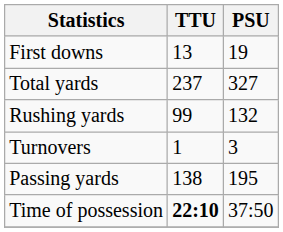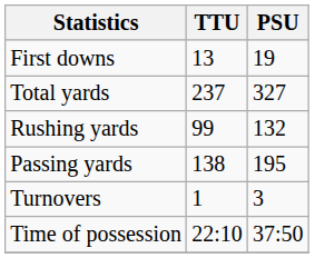 <table class="wikitable" style="float: left;">
 <tr>
 <th>Statistics</th>
 <th>TTU</th>
 <th>PSU</th>
 </tr>
 <tr>
 <td>First downs</td>
 <td>13</td>
 <td>19</td>
 </tr>
 <tr>
 <td>Total yards</td>
 <td>237</td>
 <td>327</td>
 </tr>
 <tr>
 <td>Rushing yards</td>
 <td>99</td>
 <td>132</td>
 </tr>
 <tr>
+<td>Passing yards</td>
+<td>138</td>
+<td>195</td>
+</tr>
+<tr>
 <td>Turnovers</td>
 <td>1</td>
 <td>3</td>
 </tr>
 <tr>
-<td>Passing yards</td>
-<td>138</td>
-<td>195</td>
-</tr>
-<tr>
 <td>Time of possession</td>
-<td><strong>22:10</strong></td>
+<td>22:10</td>
 <td>37:50</td>
 </tr>
 <tr>
 </tr>
 </table>
